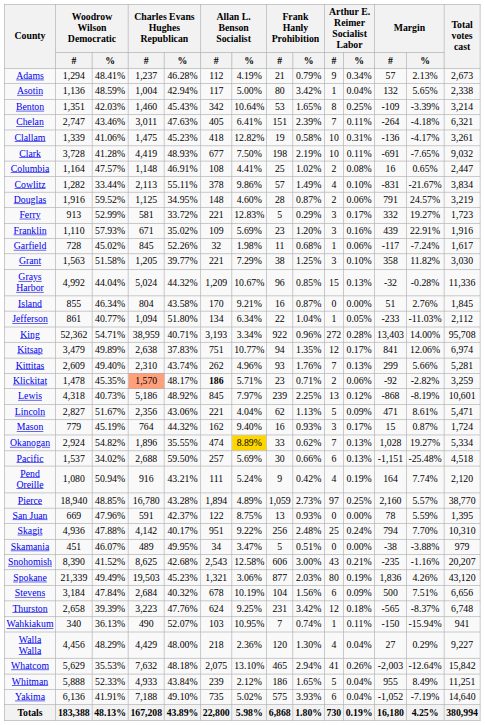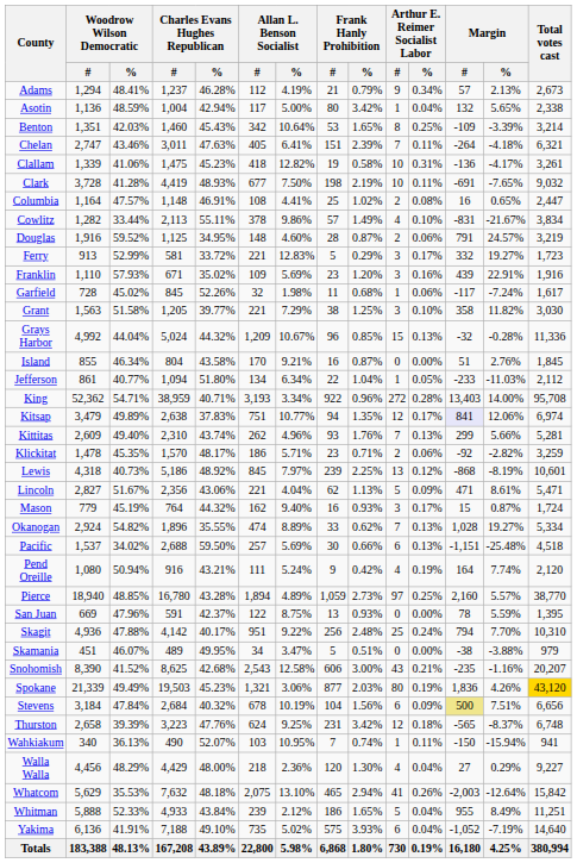 <table width="85%" class="wikitable sortable">
 <tr>
 <th style="text-align:center;" rowspan="2">County</th>
 <th style="text-align:center;" colspan="2">Woodrow Wilson<br>Democratic</th>
 <th style="text-align:center;" colspan="2">Charles Evans Hughes<br>Republican</th>
 <th style="text-align:center;" colspan="2">Allan L. Benson<br>Socialist</th>
 <th style="text-align:center;" colspan="2">Frank Hanly<br>Prohibition</th>
 <th style="text-align:center;" colspan="2">Arthur E. Reimer<br>Socialist Labor</th>
 <th style="text-align:center;" colspan="2">Margin</th>
 <th style="text-align:center;" rowspan="2">Total votes cast</th>
 </tr>
 <tr bgcolor="lightgrey">
 <th style="text-align:center;" data-sort-type="number">#</th>
 <th style="text-align:center;" data-sort-type="number">%</th>
 <th style="text-align:center;" data-sort-type="number">#</th>
 <th style="text-align:center;" data-sort-type="number">%</th>
 <th style="text-align:center;" data-sort-type="number">#</th>
 <th style="text-align:center;" data-sort-type="number">%</th>
 <th style="text-align:center;" data-sort-type="number">#</th>
 <th style="text-align:center;" data-sort-type="number">%</th>
 <th style="text-align:center;" data-sort-type="number">#</th>
 <th style="text-align:center;" data-sort-type="number">%</th>
 <th style="text-align:center;" data-sort-type="number">#</th>
 <th style="text-align:center;" data-sort-type="number">%</th>
 </tr>
 <tr style="text-align:center;">
 <td><a href='#'>Adams</a></td>
 <td>1,294</td>
 <td>48.41%</td>
 <td>1,237</td>
 <td>46.28%</td>
 <td>112</td>
 <td>4.19%</td>
 <td>21</td>
 <td>0.79%</td>
 <td>9</td>
 <td>0.34%</td>
 <td>57</td>
 <td>2.13%</td>
 <td>2,673</td>
 </tr>
 <tr style="text-align:center;">
 <td><a href='#'>Asotin</a></td>
 <td>1,136</td>
 <td>48.59%</td>
 <td>1,004</td>
 <td>42.94%</td>
 <td>117</td>
 <td>5.00%</td>
 <td>80</td>
 <td>3.42%</td>
 <td>1</td>
 <td>0.04%</td>
 <td>132</td>
 <td>5.65%</td>
 <td>2,338</td>
 </tr>
 <tr style="text-align:center;">
 <td><a href='#'>Benton</a></td>
 <td>1,351</td>
 <td>42.03%</td>
 <td>1,460</td>
 <td>45.43%</td>
 <td>342</td>
 <td>10.64%</td>
 <td>53</td>
 <td>1.65%</td>
 <td>8</td>
 <td>0.25%</td>
 <td>-109</td>
 <td>-3.39%</td>
 <td>3,214</td>
 </tr>
 <tr style="text-align:center;">
 <td><a href='#'>Chelan</a></td>
 <td>2,747</td>
 <td>43.46%</td>
 <td>3,011</td>
 <td>47.63%</td>
 <td>405</td>
 <td>6.41%</td>
 <td>151</td>
 <td>2.39%</td>
 <td>7</td>
 <td>0.11%</td>
 <td>-264</td>
 <td>-4.18%</td>
 <td>6,321</td>
 </tr>
 <tr style="text-align:center;">
 <td><a href='#'>Clallam</a></td>
 <td>1,339</td>
 <td>41.06%</td>
 <td>1,475</td>
 <td>45.23%</td>
 <td>418</td>
 <td>12.82%</td>
 <td>19</td>
 <td>0.58%</td>
 <td>10</td>
 <td>0.31%</td>
 <td>-136</td>
 <td>-4.17%</td>
 <td>3,261</td>
 </tr>
 <tr style="text-align:center;">
 <td><a href='#'>Clark</a></td>
 <td>3,728</td>
 <td>41.28%</td>
 <td>4,419</td>
 <td>48.93%</td>
 <td>677</td>
 <td>7.50%</td>
 <td>198</td>
 <td>2.19%</td>
 <td>10</td>
 <td>0.11%</td>
 <td>-691</td>
 <td>-7.65%</td>
 <td>9,032</td>
 </tr>
 <tr style="text-align:center;">
 <td><a href='#'>Columbia</a></td>
 <td>1,164</td>
 <td>47.57%</td>
 <td>1,148</td>
 <td>46.91%</td>
 <td>108</td>
 <td>4.41%</td>
 <td>25</td>
 <td>1.02%</td>
 <td>2</td>
 <td>0.08%</td>
 <td>16</td>
 <td>0.65%</td>
 <td>2,447</td>
 </tr>
 <tr style="text-align:center;">
 <td><a href='#'>Cowlitz</a></td>
 <td>1,282</td>
 <td>33.44%</td>
 <td>2,113</td>
 <td>55.11%</td>
 <td>378</td>
 <td>9.86%</td>
 <td>57</td>
 <td>1.49%</td>
 <td>4</td>
 <td>0.10%</td>
 <td>-831</td>
 <td>-21.67%</td>
 <td>3,834</td>
 </tr>
 <tr style="text-align:center;">
 <td><a href='#'>Douglas</a></td>
 <td>1,916</td>
 <td>59.52%</td>
 <td>1,125</td>
 <td>34.95%</td>
 <td>148</td>
 <td>4.60%</td>
 <td>28</td>
 <td>0.87%</td>
 <td>2</td>
 <td>0.06%</td>
 <td>791</td>
 <td>24.57%</td>
 <td>3,219</td>
 </tr>
 <tr style="text-align:center;">
 <td><a href='#'>Ferry</a></td>
 <td>913</td>
 <td>52.99%</td>
 <td>581</td>
 <td>33.72%</td>
 <td>221</td>
 <td>12.83%</td>
 <td>5</td>
 <td>0.29%</td>
 <td>3</td>
 <td>0.17%</td>
 <td>332</td>
 <td>19.27%</td>
 <td>1,723</td>
 </tr>
 <tr style="text-align:center;">
 <td><a href='#'>Franklin</a></td>
 <td>1,110</td>
 <td>57.93%</td>
 <td>671</td>
 <td>35.02%</td>
 <td>109</td>
 <td>5.69%</td>
 <td>23</td>
 <td>1.20%</td>
 <td>3</td>
 <td>0.16%</td>
 <td>439</td>
 <td>22.91%</td>
 <td>1,916</td>
 </tr>
 <tr style="text-align:center;">
 <td><a href='#'>Garfield</a></td>
 <td>728</td>
 <td>45.02%</td>
 <td>845</td>
 <td>52.26%</td>
 <td>32</td>
 <td>1.98%</td>
 <td>11</td>
 <td>0.68%</td>
 <td>1</td>
 <td>0.06%</td>
 <td>-117</td>
 <td>-7.24%</td>
 <td>1,617</td>
 </tr>
 <tr style="text-align:center;">
 <td><a href='#'>Grant</a></td>
 <td>1,563</td>
 <td>51.58%</td>
 <td>1,205</td>
 <td>39.77%</td>
 <td>221</td>
 <td>7.29%</td>
 <td>38</td>
 <td>1.25%</td>
 <td>3</td>
 <td>0.10%</td>
 <td>358</td>
 <td>11.82%</td>
 <td>3,030</td>
 </tr>
 <tr style="text-align:center;">
 <td><a href='#'>Grays Harbor</a></td>
 <td>4,992</td>
 <td>44.04%</td>
 <td>5,024</td>
 <td>44.32%</td>
 <td>1,209</td>
 <td>10.67%</td>
 <td>96</td>
 <td>0.85%</td>
 <td>15</td>
 <td>0.13%</td>
 <td>-32</td>
 <td>-0.28%</td>
 <td>11,336</td>
 </tr>
 <tr style="text-align:center;">
 <td><a href='#'>Island</a></td>
 <td>855</td>
 <td>46.34%</td>
 <td>804</td>
 <td>43.58%</td>
 <td>170</td>
 <td>9.21%</td>
 <td>16</td>
 <td>0.87%</td>
 <td>0</td>
 <td>0.00%</td>
 <td>51</td>
 <td>2.76%</td>
 <td>1,845</td>
 </tr>
 <tr style="text-align:center;">
 <td><a href='#'>Jefferson</a></td>
 <td>861</td>
 <td>40.77%</td>
 <td>1,094</td>
 <td>51.80%</td>
 <td>134</td>
 <td>6.34%</td>
 <td>22</td>
 <td>1.04%</td>
 <td>1</td>
 <td>0.05%</td>
 <td>-233</td>
 <td>-11.03%</td>
 <td>2,112</td>
 </tr>
 <tr style="text-align:center;">
 <td><a href='#'>King</a></td>
 <td>52,362</td>
 <td>54.71%</td>
 <td>38,959</td>
 <td>40.71%</td>
 <td>3,193</td>
 <td>3.34%</td>
 <td>922</td>
 <td>0.96%</td>
 <td>272</td>
 <td>0.28%</td>
 <td>13,403</td>
 <td>14.00%</td>
 <td>95,708</td>
 </tr>
 <tr style="text-align:center;">
 <td><a href='#'>Kitsap</a></td>
 <td>3,479</td>
 <td>49.89%</td>
 <td>2,638</td>
 <td>37.83%</td>
 <td>751</td>
 <td>10.77%</td>
 <td>94</td>
 <td>1.35%</td>
 <td>12</td>
 <td>0.17%</td>
-<td>841</td>
+<td style="background: lavender;">841</td>
 <td>12.06%</td>
 <td>6,974</td>
 </tr>
 <tr style="text-align:center;">
 <td><a href='#'>Kittitas</a></td>
 <td>2,609</td>
 <td>49.40%</td>
 <td>2,310</td>
 <td>43.74%</td>
 <td>262</td>
 <td>4.96%</td>
 <td>93</td>
 <td>1.76%</td>
 <td>7</td>
 <td>0.13%</td>
 <td>299</td>
 <td>5.66%</td>
 <td>5,281</td>
 </tr>
 <tr style="text-align:center;">
 <td><a href='#'>Klickitat</a></td>
 <td>1,478</td>
 <td>45.35%</td>
-<td style="background: lightsalmon;">1,570</td>
+<td>1,570</td>
 <td>48.17%</td>
-<td><strong>186</strong></td>
+<td>186</td>
 <td>5.71%</td>
 <td>23</td>
 <td>0.71%</td>
 <td>2</td>
 <td>0.06%</td>
 <td>-92</td>
 <td>-2.82%</td>
 <td>3,259</td>
 </tr>
 <tr style="text-align:center;">
 <td><a href='#'>Lewis</a></td>
 <td>4,318</td>
 <td>40.73%</td>
 <td>5,186</td>
 <td>48.92%</td>
 <td>845</td>
 <td>7.97%</td>
 <td>239</td>
 <td>2.25%</td>
 <td>13</td>
 <td>0.12%</td>
 <td>-868</td>
 <td>-8.19%</td>
 <td>10,601</td>
 </tr>
 <tr style="text-align:center;">
 <td><a href='#'>Lincoln</a></td>
 <td>2,827</td>
 <td>51.67%</td>
 <td>2,356</td>
 <td>43.06%</td>
 <td>221</td>
 <td>4.04%</td>
 <td>62</td>
 <td>1.13%</td>
 <td>5</td>
 <td>0.09%</td>
 <td>471</td>
 <td>8.61%</td>
 <td>5,471</td>
 </tr>
 <tr style="text-align:center;">
 <td><a href='#'>Mason</a></td>
 <td>779</td>
 <td>45.19%</td>
 <td>764</td>
 <td>44.32%</td>
 <td>162</td>
 <td>9.40%</td>
 <td>16</td>
 <td>0.93%</td>
 <td>3</td>
 <td>0.17%</td>
 <td>15</td>
 <td>0.87%</td>
 <td>1,724</td>
 </tr>
 <tr style="text-align:center;">
 <td><a href='#'>Okanogan</a></td>
 <td>2,924</td>
 <td>54.82%</td>
 <td>1,896</td>
 <td>35.55%</td>
 <td>474</td>
-<td style="background: gold;">8.89%</td>
+<td>8.89%</td>
 <td>33</td>
 <td>0.62%</td>
 <td>7</td>
 <td>0.13%</td>
 <td>1,028</td>
 <td>19.27%</td>
 <td>5,334</td>
 </tr>
 <tr style="text-align:center;">
 <td><a href='#'>Pacific</a></td>
 <td>1,537</td>
 <td>34.02%</td>
 <td>2,688</td>
 <td>59.50%</td>
 <td>257</td>
 <td>5.69%</td>
 <td>30</td>
 <td>0.66%</td>
 <td>6</td>
 <td>0.13%</td>
 <td>-1,151</td>
 <td>-25.48%</td>
 <td>4,518</td>
 </tr>
 <tr style="text-align:center;">
 <td><a href='#'>Pend Oreille</a></td>
 <td>1,080</td>
 <td>50.94%</td>
 <td>916</td>
 <td>43.21%</td>
 <td>111</td>
 <td>5.24%</td>
 <td>9</td>
 <td>0.42%</td>
 <td>4</td>
 <td>0.19%</td>
 <td>164</td>
 <td>7.74%</td>
 <td>2,120</td>
 </tr>
 <tr style="text-align:center;">
 <td><a href='#'>Pierce</a></td>
 <td>18,940</td>
 <td>48.85%</td>
 <td>16,780</td>
 <td>43.28%</td>
 <td>1,894</td>
 <td>4.89%</td>
 <td>1,059</td>
 <td>2.73%</td>
 <td>97</td>
 <td>0.25%</td>
 <td>2,160</td>
 <td>5.57%</td>
 <td>38,770</td>
 </tr>
 <tr style="text-align:center;">
 <td><a href='#'>San Juan</a></td>
 <td>669</td>
 <td>47.96%</td>
 <td>591</td>
 <td>42.37%</td>
 <td>122</td>
 <td>8.75%</td>
 <td>13</td>
 <td>0.93%</td>
 <td>0</td>
 <td>0.00%</td>
 <td>78</td>
 <td>5.59%</td>
 <td>1,395</td>
 </tr>
 <tr style="text-align:center;">
 <td><a href='#'>Skagit</a></td>
 <td>4,936</td>
 <td>47.88%</td>
 <td>4,142</td>
 <td>40.17%</td>
 <td>951</td>
 <td>9.22%</td>
 <td>256</td>
 <td>2.48%</td>
 <td>25</td>
 <td>0.24%</td>
 <td>794</td>
 <td>7.70%</td>
 <td>10,310</td>
 </tr>
 <tr style="text-align:center;">
 <td><a href='#'>Skamania</a></td>
 <td>451</td>
 <td>46.07%</td>
 <td>489</td>
 <td>49.95%</td>
 <td>34</td>
 <td>3.47%</td>
 <td>5</td>
 <td>0.51%</td>
 <td>0</td>
 <td>0.00%</td>
 <td>-38</td>
 <td>-3.88%</td>
 <td>979</td>
 </tr>
 <tr style="text-align:center;">
 <td><a href='#'>Snohomish</a></td>
 <td>8,390</td>
 <td>41.52%</td>
 <td>8,625</td>
 <td>42.68%</td>
 <td>2,543</td>
 <td>12.58%</td>
 <td>606</td>
 <td>3.00%</td>
 <td>43</td>
 <td>0.21%</td>
 <td>-235</td>
 <td>-1.16%</td>
 <td>20,207</td>
 </tr>
 <tr style="text-align:center;">
 <td><a href='#'>Spokane</a></td>
 <td>21,339</td>
 <td>49.49%</td>
 <td>19,503</td>
 <td>45.23%</td>
 <td>1,321</td>
 <td>3.06%</td>
 <td>877</td>
 <td>2.03%</td>
 <td>80</td>
 <td>0.19%</td>
 <td>1,836</td>
 <td>4.26%</td>
-<td>43,120</td>
+<td style="background: gold;">43,120</td>
 </tr>
 <tr style="text-align:center;">
 <td><a href='#'>Stevens</a></td>
 <td>3,184</td>
 <td>47.84%</td>
 <td>2,684</td>
 <td>40.32%</td>
 <td>678</td>
 <td>10.19%</td>
 <td>104</td>
 <td>1.56%</td>
 <td>6</td>
 <td>0.09%</td>
-<td>500</td>
+<td style="background: khaki;">500</td>
 <td>7.51%</td>
 <td>6,656</td>
 </tr>
 <tr style="text-align:center;">
 <td><a href='#'>Thurston</a></td>
 <td>2,658</td>
 <td>39.39%</td>
 <td>3,223</td>
 <td>47.76%</td>
 <td>624</td>
 <td>9.25%</td>
 <td>231</td>
 <td>3.42%</td>
 <td>12</td>
 <td>0.18%</td>
 <td>-565</td>
 <td>-8.37%</td>
 <td>6,748</td>
 </tr>
 <tr style="text-align:center;">
 <td><a href='#'>Wahkiakum</a></td>
 <td>340</td>
 <td>36.13%</td>
 <td>490</td>
 <td>52.07%</td>
 <td>103</td>
 <td>10.95%</td>
 <td>7</td>
 <td>0.74%</td>
 <td>1</td>
 <td>0.11%</td>
 <td>-150</td>
 <td>-15.94%</td>
 <td>941</td>
 </tr>
 <tr style="text-align:center;">
 <td><a href='#'>Walla Walla</a></td>
 <td>4,456</td>
 <td>48.29%</td>
 <td>4,429</td>
 <td>48.00%</td>
 <td>218</td>
 <td>2.36%</td>
 <td>120</td>
 <td>1.30%</td>
 <td>4</td>
 <td>0.04%</td>
 <td>27</td>
 <td>0.29%</td>
 <td>9,227</td>
 </tr>
 <tr style="text-align:center;">
 <td><a href='#'>Whatcom</a></td>
 <td>5,629</td>
 <td>35.53%</td>
 <td>7,632</td>
 <td>48.18%</td>
 <td>2,075</td>
 <td>13.10%</td>
 <td>465</td>
 <td>2.94%</td>
 <td>41</td>
 <td>0.26%</td>
 <td>-2,003</td>
 <td>-12.64%</td>
 <td>15,842</td>
 </tr>
 <tr style="text-align:center;">
 <td><a href='#'>Whitman</a></td>
 <td>5,888</td>
 <td>52.33%</td>
 <td>4,933</td>
 <td>43.84%</td>
 <td>239</td>
 <td>2.12%</td>
 <td>186</td>
 <td>1.65%</td>
 <td>5</td>
 <td>0.04%</td>
 <td>955</td>
 <td>8.49%</td>
 <td>11,251</td>
 </tr>
 <tr style="text-align:center;">
 <td><a href='#'>Yakima</a></td>
 <td>6,136</td>
 <td>41.91%</td>
 <td>7,188</td>
 <td>49.10%</td>
 <td>735</td>
 <td>5.02%</td>
 <td>575</td>
 <td>3.93%</td>
 <td>6</td>
 <td>0.04%</td>
 <td>-1,052</td>
 <td>-7.19%</td>
 <td>14,640</td>
 </tr>
 <tr>
 <th>Totals</th>
 <th>183,388</th>
 <th>48.13%</th>
 <th>167,208</th>
 <th>43.89%</th>
 <th>22,800</th>
 <th>5.98%</th>
 <th>6,868</th>
 <th>1.80%</th>
 <th>730</th>
 <th>0.19%</th>
 <th>16,180</th>
 <th>4.25%</th>
 <th>380,994</th>
 </tr>
 </table>
